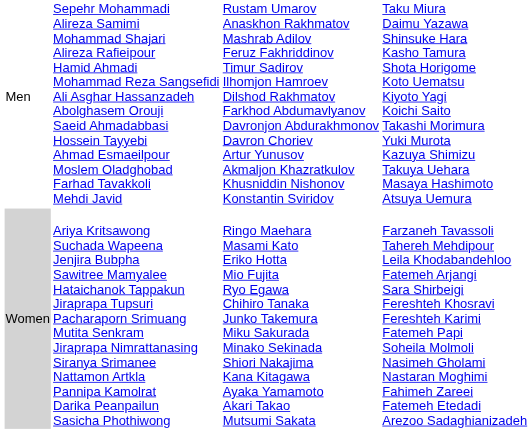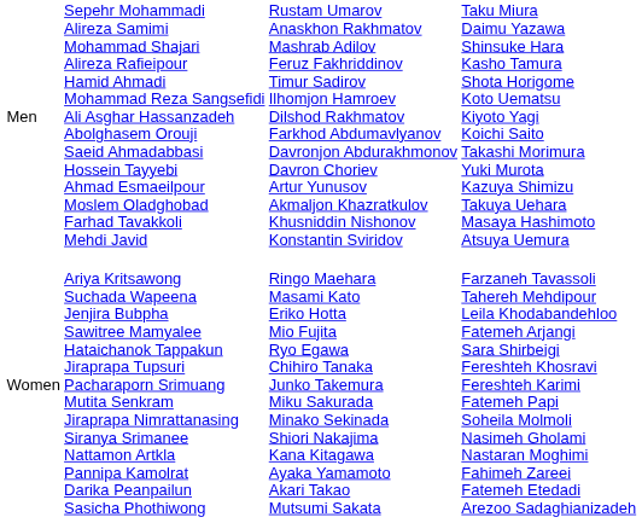 <table>
 <tr>
 <td>Men</td>
 <td><br><a href='#'>Sepehr Mohammadi</a><br><a href='#'>Alireza Samimi</a><br><a href='#'>Mohammad Shajari</a><br><a href='#'>Alireza Rafieipour</a><br><a href='#'>Hamid Ahmadi</a><br><a href='#'>Mohammad Reza Sangsefidi</a><br><a href='#'>Ali Asghar Hassanzadeh</a><br><a href='#'>Abolghasem Orouji</a><br><a href='#'>Saeid Ahmadabbasi</a><br><a href='#'>Hossein Tayyebi</a><br><a href='#'>Ahmad Esmaeilpour</a><br><a href='#'>Moslem Oladghobad</a><br><a href='#'>Farhad Tavakkoli</a><br><a href='#'>Mehdi Javid</a></td>
 <td><br><a href='#'>Rustam Umarov</a><br><a href='#'>Anaskhon Rakhmatov</a><br><a href='#'>Mashrab Adilov</a><br><a href='#'>Feruz Fakhriddinov</a><br><a href='#'>Timur Sadirov</a><br><a href='#'>Ilhomjon Hamroev</a><br><a href='#'>Dilshod Rakhmatov</a><br><a href='#'>Farkhod Abdumavlyanov</a><br><a href='#'>Davronjon Abdurakhmonov</a><br><a href='#'>Davron Choriev</a><br><a href='#'>Artur Yunusov</a><br><a href='#'>Akmaljon Khazratkulov</a><br><a href='#'>Khusniddin Nishonov</a><br><a href='#'>Konstantin Sviridov</a></td>
 <td><br><a href='#'>Taku Miura</a><br><a href='#'>Daimu Yazawa</a><br><a href='#'>Shinsuke Hara</a><br><a href='#'>Kasho Tamura</a><br><a href='#'>Shota Horigome</a><br><a href='#'>Koto Uematsu</a><br><a href='#'>Kiyoto Yagi</a><br><a href='#'>Koichi Saito</a><br><a href='#'>Takashi Morimura</a><br><a href='#'>Yuki Murota</a><br><a href='#'>Kazuya Shimizu</a><br><a href='#'>Takuya Uehara</a><br><a href='#'>Masaya Hashimoto</a><br><a href='#'>Atsuya Uemura</a></td>
 </tr>
 <tr>
-<td style="background: lightgrey;">Women</td>
+<td>Women</td>
 <td><br><a href='#'>Ariya Kritsawong</a><br><a href='#'>Suchada Wapeena</a><br><a href='#'>Jenjira Bubpha</a><br><a href='#'>Sawitree Mamyalee</a><br><a href='#'>Hataichanok Tappakun</a><br><a href='#'>Jiraprapa Tupsuri</a><br><a href='#'>Pacharaporn Srimuang</a><br><a href='#'>Mutita Senkram</a><br><a href='#'>Jiraprapa Nimrattanasing</a><br><a href='#'>Siranya Srimanee</a><br><a href='#'>Nattamon Artkla</a><br><a href='#'>Pannipa Kamolrat</a><br><a href='#'>Darika Peanpailun</a><br><a href='#'>Sasicha Phothiwong</a></td>
 <td><br><a href='#'>Ringo Maehara</a><br><a href='#'>Masami Kato</a><br><a href='#'>Eriko Hotta</a><br><a href='#'>Mio Fujita</a><br><a href='#'>Ryo Egawa</a><br><a href='#'>Chihiro Tanaka</a><br><a href='#'>Junko Takemura</a><br><a href='#'>Miku Sakurada</a><br><a href='#'>Minako Sekinada</a><br><a href='#'>Shiori Nakajima</a><br><a href='#'>Kana Kitagawa</a><br><a href='#'>Ayaka Yamamoto</a><br><a href='#'>Akari Takao</a><br><a href='#'>Mutsumi Sakata</a></td>
 <td><br><a href='#'>Farzaneh Tavassoli</a><br><a href='#'>Tahereh Mehdipour</a><br><a href='#'>Leila Khodabandehloo</a><br><a href='#'>Fatemeh Arjangi</a><br><a href='#'>Sara Shirbeigi</a><br><a href='#'>Fereshteh Khosravi</a><br><a href='#'>Fereshteh Karimi</a><br><a href='#'>Fatemeh Papi</a><br><a href='#'>Soheila Molmoli</a><br><a href='#'>Nasimeh Gholami</a><br><a href='#'>Nastaran Moghimi</a><br><a href='#'>Fahimeh Zareei</a><br><a href='#'>Fatemeh Etedadi</a><br><a href='#'>Arezoo Sadaghianizadeh</a></td>
 </tr>
 </table>
